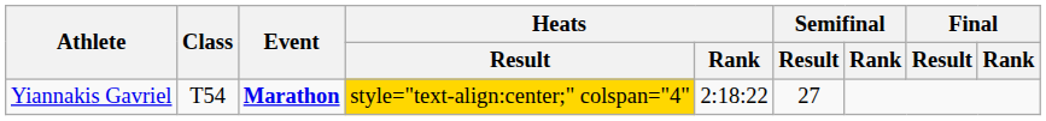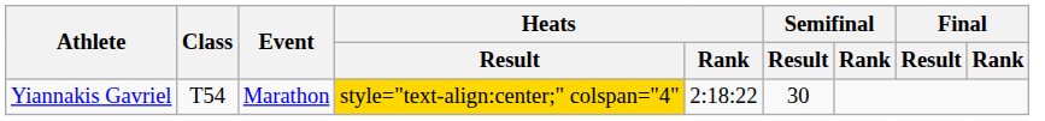 <table class=wikitable style="font-size:90%">
 <tr>
 <th rowspan="2">Athlete</th>
 <th rowspan="2">Class</th>
 <th rowspan="2">Event</th>
 <th colspan="2">Heats</th>
 <th colspan="2">Semifinal</th>
 <th colspan="2">Final</th>
 </tr>
 <tr>
 <th>Result</th>
 <th>Rank</th>
 <th>Result</th>
 <th>Rank</th>
 <th>Result</th>
 <th>Rank</th>
 </tr>
 <tr>
 <td><a href='#'>Yiannakis Gavriel</a></td>
 <td style="text-align:center;">T54</td>
-<td><strong><a href='#'>Marathon</a></strong></td>
+<td><a href='#'>Marathon</a></td>
 <td style="background: gold;">style="text-align:center;" colspan="4" </td>
 <td style="text-align:center;">2:18:22</td>
-<td style="text-align:center;">27</td>
+<td style="text-align:center;">30</td>
 </tr>
 </table>
